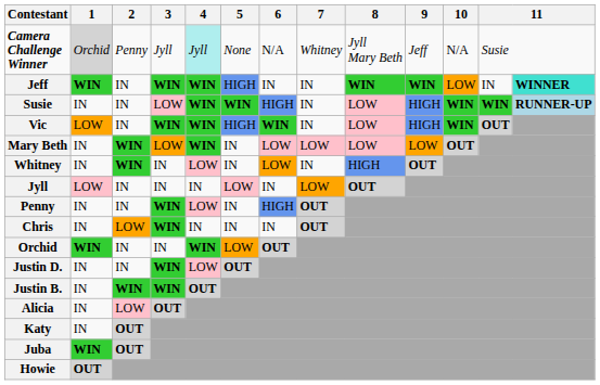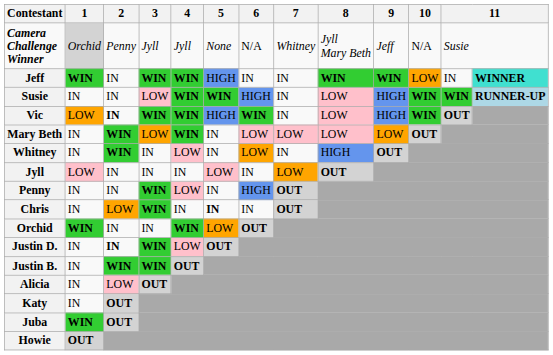 <table class="wikitable" align=>
 <tr>
 <th>Contestant</th>
 <th>1</th>
 <th>2</th>
 <th>3</th>
 <th>4</th>
 <th>5</th>
 <th>6</th>
 <th>7</th>
 <th>8</th>
 <th>9</th>
 <th>10</th>
 <th colspan=2>11</th>
 </tr>
 <tr>
 <td><strong><em>Camera</em></strong><br><strong><em>Challenge</em></strong><br><strong><em>Winner</em></strong></td>
 <td style="background: lightgrey;"><em>Orchid</em></td>
 <td><em>Penny</em></td>
 <td><em>Jyll</em></td>
-<td style="background: paleturquoise;"><em>Jyll</em></td>
+<td><em>Jyll</em></td>
 <td><em>None</em></td>
 <td>N/A</td>
 <td><em>Whitney</em></td>
 <td><em>Jyll</em><br><em>Mary Beth</em></td>
 <td><em>Jeff</em></td>
 <td>N/A</td>
 <td colspan=2><em>Susie</em></td>
 </tr>
 <tr>
 <th>Jeff</th>
 <td style="background:limegreen;"><strong>WIN</strong></td>
 <td style="background:offwhite;">IN</td>
 <td style="background:limegreen;"><strong>WIN</strong></td>
 <td style="background:limegreen;"><strong>WIN</strong></td>
 <td style="background:cornflowerblue;">HIGH</td>
 <td style="background:offwhite;">IN</td>
 <td style="background:offwhite;">IN</td>
 <td style="background:limegreen;"><strong>WIN</strong></td>
 <td style="background:limegreen;"><strong>WIN</strong></td>
 <td style="background:orange;">LOW</td>
 <td style="background:offwhite;">IN</td>
 <td style="background:turquoise;"><strong>WINNER</strong></td>
 </tr>
 <tr>
 <th>Susie</th>
 <td style="background:offwhite;">IN</td>
 <td style="background:offwhite;">IN</td>
 <td style="background:pink;">LOW</td>
 <td style="background:limegreen;"><strong>WIN</strong></td>
 <td style="background:limegreen;"><strong>WIN</strong></td>
 <td style="background:cornflowerblue;">HIGH</td>
 <td style="background:offwhite;">IN</td>
 <td style="background:pink;">LOW</td>
 <td style="background:cornflowerblue;">HIGH</td>
 <td style="background:limegreen;"><strong>WIN</strong></td>
 <td style="background:limegreen;"><strong>WIN</strong></td>
 <td style="background:lightblue;"><strong>RUNNER-UP</strong></td>
 </tr>
 <tr>
 <th>Vic</th>
 <td style="background:orange;">LOW</td>
-<td style="background:offwhite;">IN</td>
+<td style="background:offwhite;"><strong>IN</strong></td>
 <td style="background:limegreen;"><strong>WIN</strong></td>
 <td style="background:limegreen;"><strong>WIN</strong></td>
 <td style="background:cornflowerblue;">HIGH</td>
 <td style="background:limegreen;"><strong>WIN</strong></td>
 <td style="background:offwhite;">IN</td>
 <td style="background:pink;">LOW</td>
 <td style="background:cornflowerblue;">HIGH</td>
 <td style="background:limegreen;"><strong>WIN</strong></td>
 <td style="background:lightgray;"><strong>OUT</strong></td>
 <td colspan=2 style="background:darkgray;"></td>
 </tr>
 <tr>
 <th>Mary Beth</th>
 <td style="background:offwhite;">IN</td>
 <td style="background:limegreen;"><strong>WIN</strong></td>
 <td style="background:orange;">LOW</td>
 <td style="background:limegreen;"><strong>WIN</strong></td>
 <td style="background:offwhite;">IN</td>
 <td style="background:pink;">LOW</td>
 <td style="background:pink;">LOW</td>
 <td style="background:pink;">LOW</td>
 <td style="background:orange;">LOW</td>
 <td style="background:lightgray;"><strong>OUT</strong></td>
 <td colspan=3 style="background:darkgray;"></td>
 </tr>
 <tr>
 <th>Whitney</th>
 <td style="background:offwhite;">IN</td>
 <td style="background:limegreen;"><strong>WIN</strong></td>
 <td style="background:offwhite;">IN</td>
 <td style="background:pink;">LOW</td>
 <td style="background:offwhite;">IN</td>
 <td style="background:orange;">LOW</td>
 <td style="background:offwhite;">IN</td>
 <td style="background:cornflowerblue;">HIGH</td>
 <td style="background:lightgray;"><strong>OUT</strong></td>
 <td colspan=3 style="background:darkgray;"></td>
 </tr>
 <tr>
 <th>Jyll</th>
 <td style="background:pink;">LOW</td>
 <td style="background:offwhite;">IN</td>
 <td style="background:offwhite;">IN</td>
 <td style="background:offwhite;">IN</td>
 <td style="background:pink;">LOW</td>
 <td style="background:offwhite;">IN</td>
 <td style="background:orange;">LOW</td>
 <td style="background:lightgray;"><strong>OUT</strong></td>
 <td colspan=4 style="background:darkgray;"></td>
 </tr>
 <tr>
 <th>Penny</th>
 <td style="background:offwhite;">IN</td>
 <td style="background:offwhite;">IN</td>
 <td style="background:limegreen;"><strong>WIN</strong></td>
 <td style="background:pink;">LOW</td>
 <td style="background:offwhite;">IN</td>
 <td style="background:cornflowerblue;">HIGH</td>
 <td style="background:lightgray;"><strong>OUT</strong></td>
 <td colspan=5 style="background:darkgray;"></td>
 </tr>
 <tr>
 <th>Chris</th>
 <td style="background:offwhite;">IN</td>
 <td style="background:orange;">LOW</td>
 <td style="background:limegreen;"><strong>WIN</strong></td>
 <td style="background:offwhite;">IN</td>
-<td style="background:offwhite;">IN</td>
+<td style="background:offwhite;"><strong>IN</strong></td>
 <td style="background:offwhite;">IN</td>
 <td style="background:lightgray;"><strong>OUT</strong></td>
 <td colspan=5 style="background:darkgray;"></td>
 </tr>
 <tr>
 <th>Orchid</th>
 <td style="background:limegreen;"><strong>WIN</strong></td>
 <td style="background:offwhite;">IN</td>
 <td style="background:offwhite;">IN</td>
 <td style="background:limegreen;"><strong>WIN</strong></td>
 <td style="background:orange;">LOW</td>
 <td style="background:lightgray;"><strong>OUT</strong></td>
 <td colspan=6 style="background:darkgray;"></td>
 </tr>
 <tr>
 <th>Justin D.</th>
 <td style="background:offwhite;">IN</td>
-<td style="background:offwhite;">IN</td>
+<td style="background:offwhite;"><strong>IN</strong></td>
 <td style="background:limegreen;"><strong>WIN</strong></td>
 <td style="background:pink;">LOW</td>
 <td style="background:lightgray;"><strong>OUT</strong></td>
 <td colspan=7 style="background:darkgray;"></td>
 </tr>
 <tr>
 <th>Justin B.</th>
 <td style="background:offwhite;">IN</td>
 <td style="background:limegreen;"><strong>WIN</strong></td>
 <td style="background:limegreen;"><strong>WIN</strong></td>
 <td style="background:lightgray;"><strong>OUT</strong></td>
 <td colspan=8 style="background:darkgray;"></td>
 </tr>
 <tr>
 <th>Alicia</th>
 <td style="background:offwhite;">IN</td>
 <td style="background:pink;">LOW</td>
 <td style="background:lightgray;"><strong>OUT</strong></td>
 <td colspan=9 style="background:darkgray;"></td>
 </tr>
 <tr>
 <th>Katy</th>
 <td style="background:offwhite;">IN</td>
 <td style="background:lightgray;"><strong>OUT</strong></td>
 <td colspan=10 style="background:darkgray;"></td>
 </tr>
 <tr>
 <th>Juba</th>
 <td style="background:limegreen;"><strong>WIN</strong></td>
 <td style="background:lightgray;"><strong>OUT</strong></td>
 <td colspan=11 style="background:darkgray;"></td>
 </tr>
 <tr>
 <th>Howie</th>
 <td style="background:lightgray;"><strong>OUT</strong></td>
 <td colspan=12 style="background:darkgray;"></td>
 </tr>
 </table>
